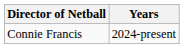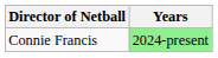 <table class="wikitable">
 <tr>
 <th>Director of Netball</th>
 <th>Years</th>
 </tr>
 <tr>
 <td> Connie Francis</td>
-<td>2024-present</td>
+<td style="background: lightgreen;">2024-present</td>
 </tr>
 </table>
